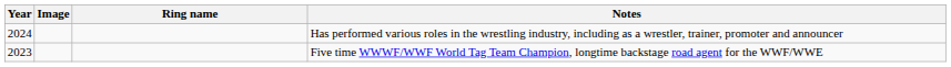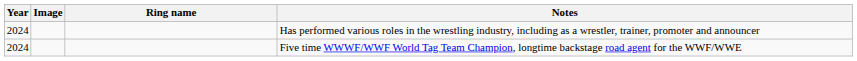 <table class="wikitable sortable">
 <tr>
 <th style="width:1%;"><strong>Year</strong></th>
 <th width="1%"><strong>Image</strong></th>
 <th style="width:25%;"><strong>Ring name</strong><br></th>
 <th class="unsortable"><strong>Notes</strong></th>
 </tr>
 <tr>
 <td>2024</td>
 <td></td>
 <td><br></td>
 <td>Has performed various roles in the wrestling industry, including as a wrestler, trainer, promoter and announcer</td>
 </tr>
 <tr>
-<td>2023</td>
+<td>2024</td>
 <td></td>
 <td><br></td>
 <td>Five time <a href='#'>WWWF/WWF World Tag Team Champion</a>, longtime backstage <a href='#'>road agent</a> for the WWF/WWE</td>
 </tr>
 </table>
